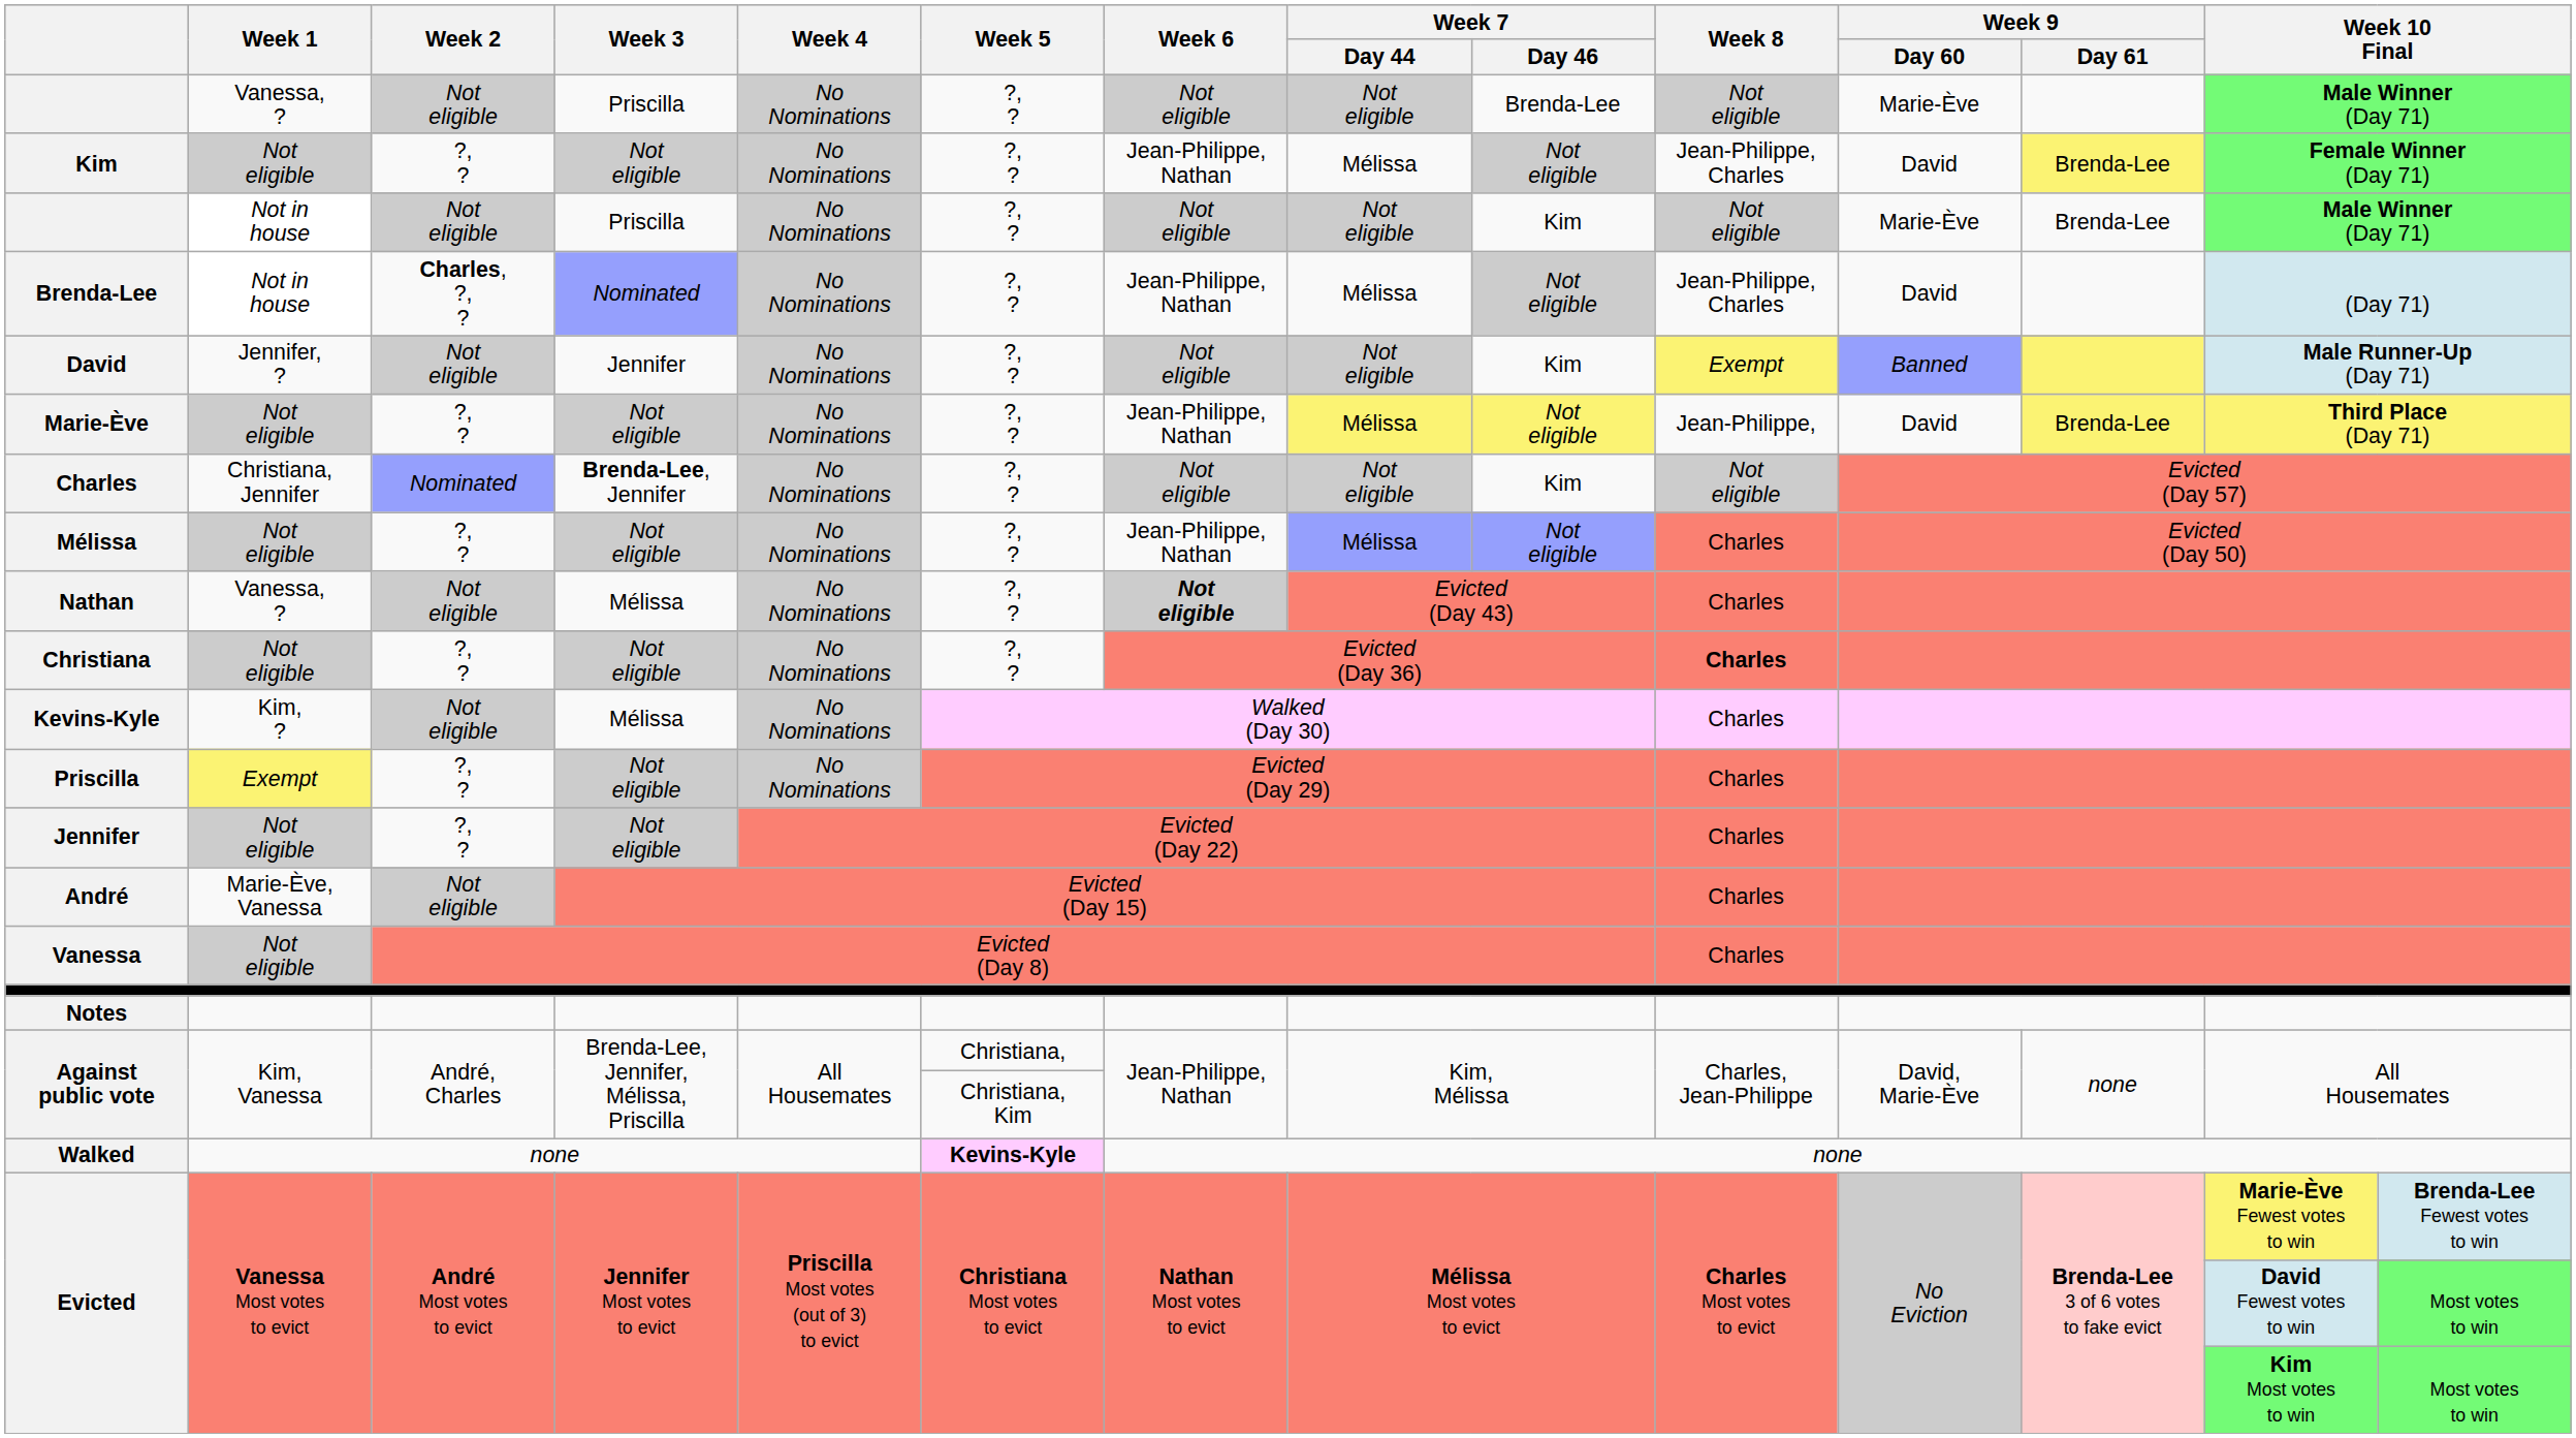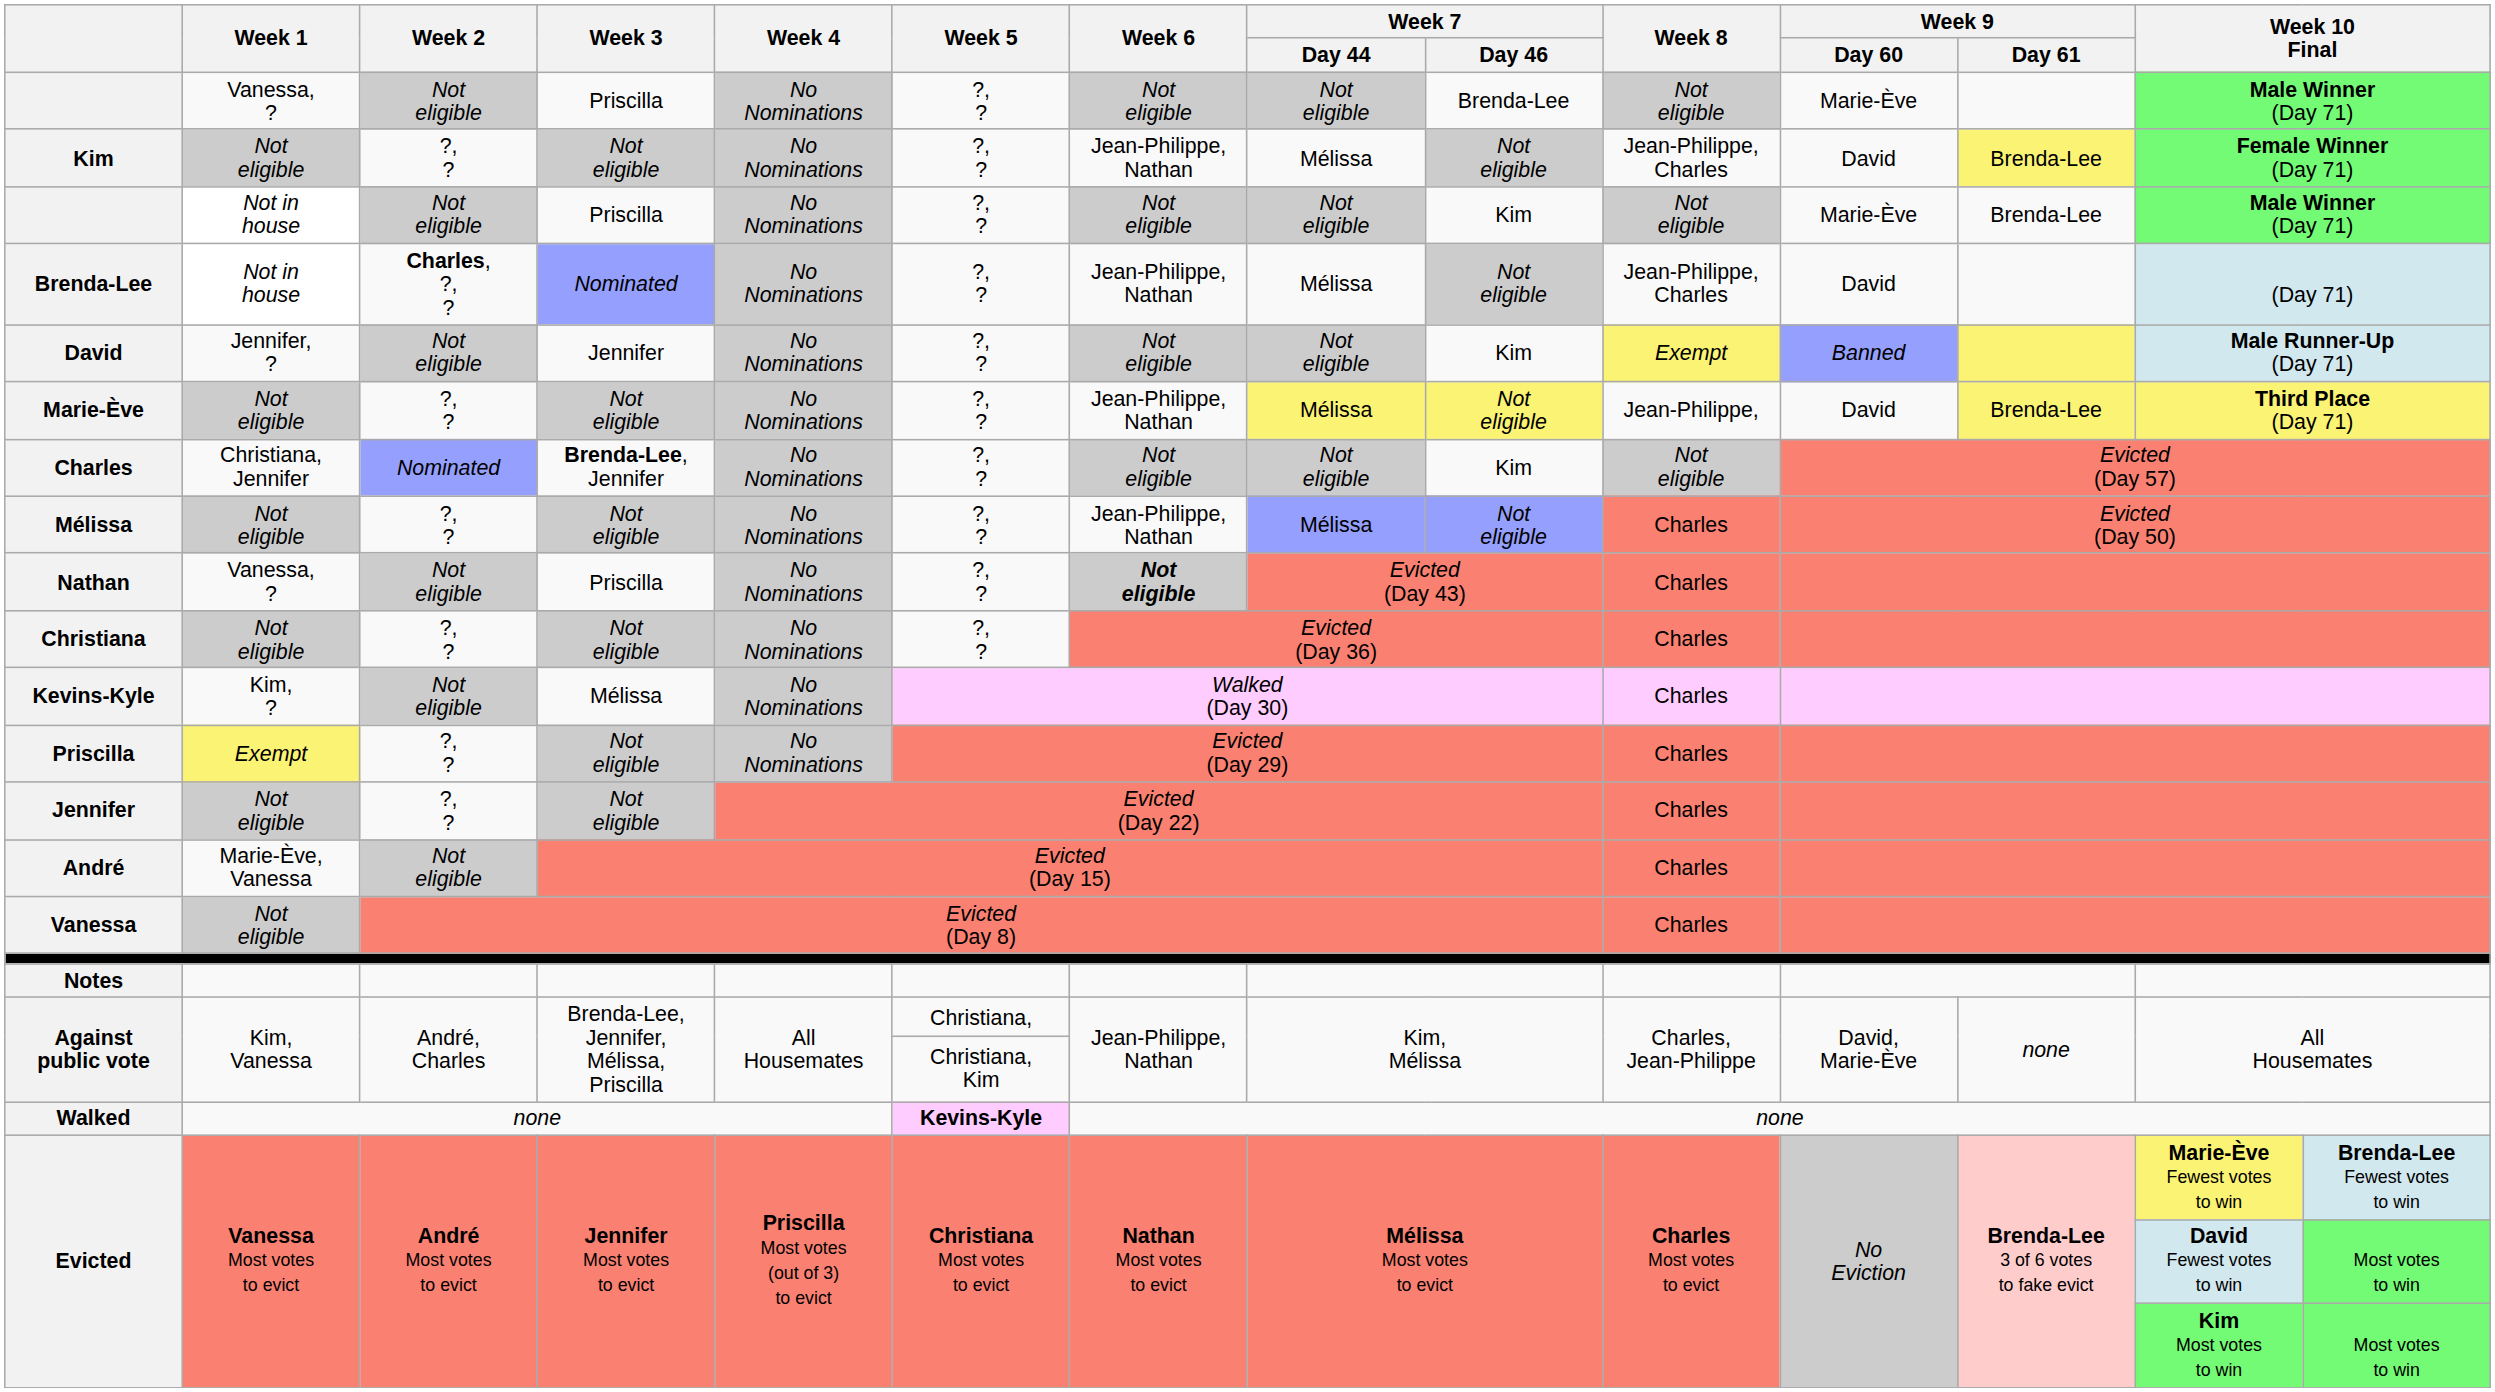 <table class="wikitable" style="text-align:center; width: 100%; font-size:85%; line-height:15px;">
 <tr>
 <th style="width:7%" rowspan="2"></th>
 <th style="width:7%" rowspan="2">Week 1</th>
 <th style="width:7%" rowspan="2">Week 2</th>
 <th style="width:7%" rowspan="2">Week 3</th>
 <th style="width:7%" rowspan="2">Week 4</th>
 <th style="width:7%" rowspan="2">Week 5</th>
 <th style="width:7%" rowspan="2">Week 6</th>
 <th style="width:14%" colspan="2">Week 7</th>
 <th style="width:7%" rowspan="2">Week 8</th>
 <th style="width:14%" colspan="2">Week 9</th>
 <th style="width:14%" colspan="2" rowspan="2">Week 10<br>Final</th>
 </tr>
 <tr>
 <th style="width:7%">Day 44</th>
 <th style="width:7%">Day 46</th>
 <th style="width:7%">Day 60</th>
 <th style="width:7%">Day 61</th>
 </tr>
 <tr>
 <th></th>
 <td>Vanessa,<br>?</td>
 <td bgcolor="#cccccc"><em>Not<br>eligible</em></td>
 <td>Priscilla</td>
 <td style="background:#CCC"><em>No<br>Nominations</em></td>
 <td>?,<br>?</td>
 <td bgcolor="#cccccc"><em>Not<br>eligible</em></td>
 <td bgcolor="#cccccc"><em>Not<br>eligible</em></td>
 <td>Brenda-Lee</td>
 <td bgcolor="#cccccc"><em>Not<br>eligible</em></td>
 <td>Marie-Ève</td>
 <td></td>
 <td colspan="2" style="background:#73FB76"><strong>Male Winner</strong><br>(Day 71)</td>
 </tr>
 <tr>
 <th>Kim</th>
 <td bgcolor="#cccccc"><em>Not<br>eligible</em></td>
 <td>?,<br>?</td>
 <td bgcolor="#cccccc"><em>Not<br>eligible</em></td>
 <td style="background:#CCC"><em>No<br>Nominations</em></td>
 <td>?,<br>?</td>
 <td>Jean-Philippe,<br>Nathan</td>
 <td>Mélissa</td>
 <td bgcolor="#cccccc"><em>Not<br>eligible</em></td>
 <td>Jean-Philippe,<br>Charles</td>
 <td>David</td>
 <td bgcolor="#fbf373">Brenda-Lee</td>
 <td style="background:#73FB76" colspan="2"><strong>Female Winner</strong><br>(Day 71)</td>
 </tr>
 <tr>
 <th></th>
 <td bgcolor="#fff"><em>Not in<br>house</em></td>
 <td bgcolor="#cccccc"><em>Not<br>eligible</em></td>
 <td>Priscilla</td>
 <td style="background:#CCC"><em>No<br>Nominations</em></td>
 <td>?,<br>?</td>
 <td bgcolor="#cccccc"><em>Not<br>eligible</em></td>
 <td bgcolor="#cccccc"><em>Not<br>eligible</em></td>
 <td>Kim</td>
 <td bgcolor="#cccccc"><em>Not<br>eligible</em></td>
 <td>Marie-Ève</td>
 <td>Brenda-Lee</td>
 <td style="background:#73FB76" colspan="2"><strong>Male Winner</strong><br>(Day 71)</td>
 </tr>
 <tr>
 <th>Brenda-Lee</th>
 <td bgcolor="#fff"><em>Not in<br>house</em></td>
 <td><strong>Charles</strong>,<br>?,<br>?</td>
 <td bgcolor="#959ffd"><em>Nominated</em></td>
 <td style="background:#CCC"><em>No<br>Nominations</em></td>
 <td>?,<br>?</td>
 <td>Jean-Philippe,<br>Nathan</td>
 <td>Mélissa</td>
 <td bgcolor="#cccccc"><em>Not<br>eligible</em></td>
 <td>Jean-Philippe,<br>Charles</td>
 <td>David</td>
 <td></td>
 <td style="background:#D1E8EF" colspan="2"><br>(Day 71)</td>
 </tr>
 <tr>
 <th>David</th>
 <td>Jennifer,<br>?</td>
 <td bgcolor="#cccccc"><em>Not<br>eligible</em></td>
 <td>Jennifer</td>
 <td style="background:#CCC"><em>No<br>Nominations</em></td>
 <td>?,<br>?</td>
 <td bgcolor="#cccccc"><em>Not<br>eligible</em></td>
 <td bgcolor="#cccccc"><em>Not<br>eligible</em></td>
 <td>Kim</td>
 <td bgcolor="#fbf373"><em>Exempt</em></td>
 <td bgcolor="#959ffd"><em>Banned</em></td>
 <td bgcolor="#fbf373"></td>
 <td style="background:#D1E8EF" colspan="2"><strong>Male Runner-Up</strong><br>(Day 71)</td>
 </tr>
 <tr>
 <th>Marie-Ève</th>
 <td bgcolor="#cccccc"><em>Not<br>eligible</em></td>
 <td>?,<br>?</td>
 <td bgcolor="#cccccc"><em>Not<br>eligible</em></td>
 <td style="background:#CCC"><em>No<br>Nominations</em></td>
 <td>?,<br>?</td>
 <td>Jean-Philippe,<br>Nathan</td>
 <td bgcolor="#fbf373">Mélissa</td>
 <td bgcolor="#fbf373"><em>Not<br>eligible</em></td>
 <td>Jean-Philippe,<br></td>
 <td>David</td>
 <td bgcolor="#fbf373">Brenda-Lee</td>
 <td colspan="2" style="background:#FBF373"><strong>Third Place</strong><br>(Day 71)</td>
 </tr>
 <tr>
 <th>Charles</th>
 <td>Christiana,<br>Jennifer</td>
 <td bgcolor="#959ffd"><em>Nominated</em></td>
 <td><strong>Brenda-Lee</strong>,<br>Jennifer</td>
 <td style="background:#CCC"><em>No<br>Nominations</em></td>
 <td>?,<br>?</td>
 <td bgcolor="#cccccc"><em>Not<br>eligible</em></td>
 <td bgcolor="#cccccc"><em>Not<br>eligible</em></td>
 <td>Kim</td>
 <td bgcolor="#cccccc"><em>Not<br>eligible</em></td>
 <td colspan="4" style="background:#FA8072"><em>Evicted</em><br>(Day 57)</td>
 </tr>
 <tr>
 <th>Mélissa</th>
 <td bgcolor="#cccccc"><em>Not<br>eligible</em></td>
 <td>?,<br>?</td>
 <td bgcolor="#cccccc"><em>Not<br>eligible</em></td>
 <td style="background:#CCC"><em>No<br>Nominations</em></td>
 <td>?,<br>?</td>
 <td>Jean-Philippe,<br>Nathan</td>
 <td bgcolor="#959ffd">Mélissa</td>
 <td bgcolor="#959ffd"><em>Not<br>eligible</em></td>
 <td style="background:#FA8072">Charles</td>
 <td colspan="4" style="background:#FA8072"><em>Evicted</em><br>(Day 50)</td>
 </tr>
 <tr>
 <th>Nathan</th>
 <td>Vanessa,<br>?</td>
 <td bgcolor="#cccccc"><em>Not<br>eligible</em></td>
-<td>Mélissa</td>
+<td>Priscilla</td>
 <td style="background:#CCC"><em>No<br>Nominations</em></td>
 <td>?,<br>?</td>
 <td bgcolor="#cccccc"><strong><em>Not<br>eligible</em></strong></td>
 <td colspan="2" style="background:#FA8072"><em>Evicted</em><br>(Day 43)</td>
 <td style="background:#FA8072">Charles</td>
 <td colspan="4" style="background:#FA8072"></td>
 </tr>
 <tr>
 <th>Christiana</th>
 <td bgcolor="#cccccc"><em>Not<br>eligible</em></td>
 <td>?,<br>?</td>
 <td bgcolor="#cccccc"><em>Not<br>eligible</em></td>
 <td style="background:#CCC"><em>No<br>Nominations</em></td>
 <td>?,<br>?</td>
 <td colspan="3" style="background:#FA8072"><em>Evicted</em><br>(Day 36)</td>
-<td style="background:#FA8072"><strong>Charles</strong></td>
+<td style="background:#FA8072">Charles</td>
 <td colspan="4" style="background:#FA8072"></td>
 </tr>
 <tr>
 <th>Kevins-Kyle</th>
 <td>Kim,<br>?</td>
 <td bgcolor="#cccccc"><em>Not<br>eligible</em></td>
 <td>Mélissa</td>
 <td style="background:#CCC"><em>No<br>Nominations</em></td>
 <td colspan="4" style="background:#fcf"><em>Walked</em><br>(Day 30)</td>
 <td style="background:#fcf">Charles</td>
 <td colspan="4" style="background:#fcf"></td>
 </tr>
 <tr>
 <th>Priscilla</th>
 <td bgcolor="#fbf373"><em>Exempt</em></td>
 <td>?,<br>?</td>
 <td bgcolor="#cccccc"><em>Not<br>eligible</em></td>
 <td style="background:#CCC"><em>No<br>Nominations</em></td>
 <td colspan="4" style="background:#FA8072"><em>Evicted</em><br>(Day 29)</td>
 <td style="background:#FA8072">Charles</td>
 <td colspan="4" style="background:#FA8072"></td>
 </tr>
 <tr>
 <th>Jennifer</th>
 <td bgcolor="#cccccc"><em>Not<br>eligible</em></td>
 <td>?,<br>?</td>
 <td bgcolor="#cccccc"><em>Not<br>eligible</em></td>
 <td colspan="5" style="background:#FA8072"><em>Evicted</em><br>(Day 22)</td>
 <td style="background:#FA8072">Charles</td>
 <td colspan="4" style="background:#FA8072"></td>
 </tr>
 <tr>
 <th>André</th>
 <td>Marie-Ève,<br>Vanessa</td>
 <td bgcolor="#cccccc"><em>Not<br>eligible</em></td>
 <td colspan="6" style="background:#FA8072"><em>Evicted</em><br>(Day 15)</td>
 <td style="background:#FA8072">Charles</td>
 <td colspan="4" style="background:#FA8072"></td>
 </tr>
 <tr>
 <th>Vanessa</th>
 <td bgcolor="#cccccc"><em>Not<br>eligible</em></td>
 <td colspan="7" style="background:#FA8072"><em>Evicted</em><br>(Day 8)</td>
 <td style="background:#FA8072">Charles</td>
 <td colspan="4" style="background:#FA8072"></td>
 </tr>
 <tr>
 <td colspan="14" style="background:#000"></td>
 </tr>
 <tr>
 <th>Notes</th>
 <td></td>
 <td></td>
 <td> </td>
 <td></td>
 <td>  </td>
 <td></td>
 <td colspan="2"></td>
 <td> </td>
 <td colspan="2">   </td>
 <td colspan="2"></td>
 </tr>
 <tr>
 <th rowspan="2">Against<br>public vote</th>
 <td rowspan="2">Kim,<br>Vanessa</td>
 <td rowspan="2">André,<br>Charles</td>
 <td rowspan="2">Brenda-Lee,<br>Jennifer,<br>Mélissa,<br>Priscilla</td>
 <td rowspan="2">All<br>Housemates</td>
 <td>Christiana,<br><s></s></td>
 <td rowspan="2">Jean-Philippe,<br>Nathan</td>
 <td colspan="2" rowspan="2">Kim,<br>Mélissa</td>
 <td rowspan="2">Charles,<br>Jean-Philippe</td>
 <td rowspan="2">David,<br>Marie-Ève</td>
 <td rowspan="2"><em>none</em></td>
 <td colspan="2" rowspan="2">All<br>Housemates</td>
 </tr>
 <tr>
 <td>Christiana,<br>Kim</td>
 </tr>
 <tr>
 <th>Walked</th>
 <td colspan="4'"><em>none</em></td>
 <td style="background:#fcf"><strong>Kevins-Kyle</strong></td>
 <td colspan="8"><em>none</em></td>
 </tr>
 <tr>
 <th rowspan="3">Evicted</th>
 <td rowspan="3" style="background:#FA8072"><strong>Vanessa</strong><br><small>Most votes<br>to evict</small></td>
 <td rowspan="3" style="background:#FA8072"><strong>André</strong> <br><small>Most votes<br>to evict</small></td>
 <td rowspan="3" style="background:#FA8072"><strong>Jennifer</strong> <br><small>Most votes<br>to evict</small></td>
 <td rowspan="3" style="background:#FA8072"><strong>Priscilla</strong> <br><small>Most votes<br>(out of 3)<br>to evict</small></td>
 <td rowspan="3" style="background:#FA8072"><strong>Christiana</strong> <br><small>Most votes<br>to evict</small></td>
 <td rowspan="3" style="background:#FA8072"><strong>Nathan</strong> <br><small>Most votes<br>to evict</small></td>
 <td rowspan="3" colspan="2" style="background:#FA8072"><strong>Mélissa</strong> <br><small>Most votes<br>to evict</small></td>
 <td rowspan="3" style="background:#FA8072"><strong>Charles</strong><br><small>Most votes<br>to evict</small></td>
 <td rowspan="3" style="background:#CCCCCC"><em>No<br>Eviction</em></td>
 <td rowspan="3" style="background:#FCC"><strong>Brenda-Lee</strong> <br><small>3 of 6 votes<br>to fake evict</small></td>
 <td style="background:#FBF373"><strong>Marie-Ève</strong> <br><small>Fewest votes<br>to win</small></td>
 <td style="background:#D1E8EF"><strong>Brenda-Lee</strong><br><small>Fewest votes<br>to win</small></td>
 </tr>
 <tr>
 <td style="background:#D1E8EF"><strong>David</strong><br><small>Fewest votes<br>to win</small></td>
 <td style="background:#73FB76"><strong></strong><br><small>Most votes<br>to win</small></td>
 </tr>
 <tr>
 <td style="background:#73FB76"><strong>Kim</strong><br><small>Most votes<br>to win</small></td>
 <td style="background:#73FB76"><strong></strong> <br><small>Most votes<br>to win</small></td>
 </tr>
 <tr>
 </tr>
 </table>
